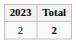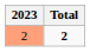 <table class="wikitable" style="text-align:center;width:100px;">
 <tr>
 <th>2023</th>
 <th>Total</th>
 </tr>
 <tr>
-<td>2</td>
+<td style="background: lightsalmon;">2</td>
 <td><strong>2</strong></td>
 </tr>
 </table>
